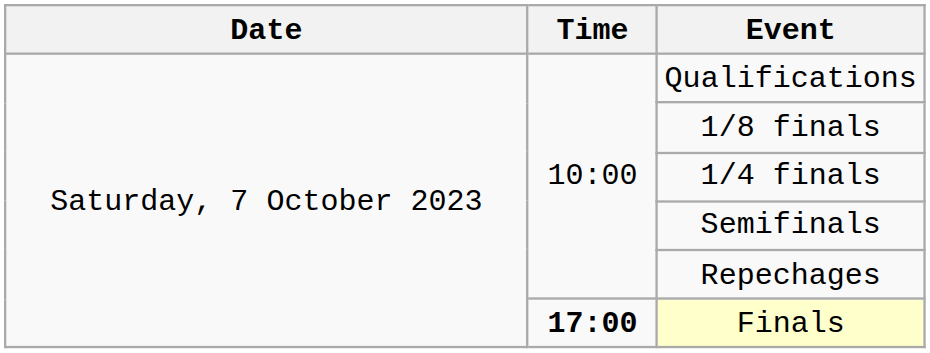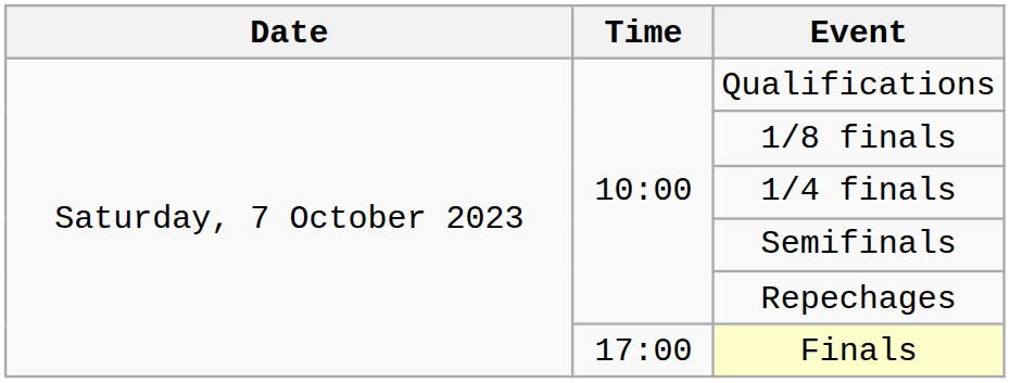 <table class = "wikitable" style="text-align:center;">
 <tr>
 <th width=220>Date</th>
 <th width=50>Time</th>
 <th width=100>Event</th>
 </tr>
 <tr>
 <td rowspan=6>Saturday, 7 October 2023</td>
 <td rowspan=5>10:00</td>
 <td>Qualifications</td>
 </tr>
 <tr>
 <td>1/8 finals</td>
 </tr>
 <tr>
 <td>1/4 finals</td>
 </tr>
 <tr>
 <td>Semifinals</td>
 </tr>
 <tr>
 <td>Repechages</td>
 </tr>
 <tr>
-<td><strong>17:00</strong></td>
+<td>17:00</td>
 <td bgcolor=ffffcc>Finals</td>
 </tr>
 </table>
